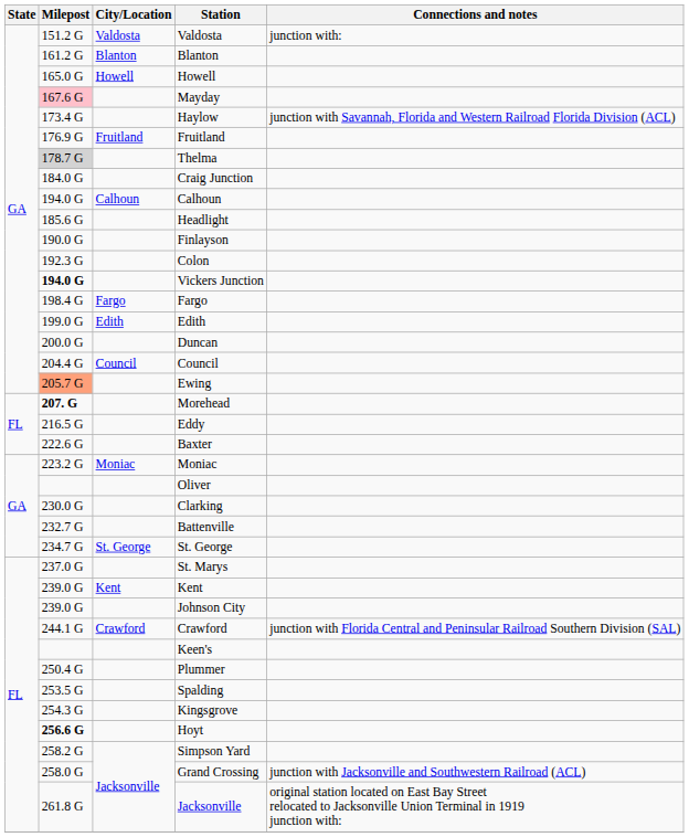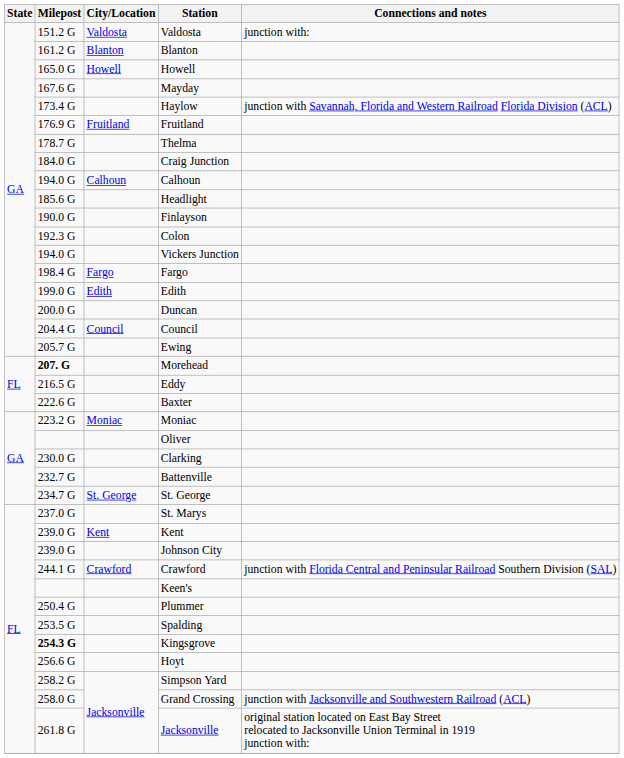 <table class="wikitable">
 <tr>
 <th>State</th>
 <th>Milepost</th>
 <th>City/Location</th>
 <th>Station</th>
 <th>Connections and notes</th>
 </tr>
 <tr>
 <td ! rowspan="18"><a href='#'>GA</a></td>
 <td>151.2 G</td>
 <td><a href='#'>Valdosta</a></td>
 <td>Valdosta</td>
 <td>junction with:<br></td>
 </tr>
 <tr>
 <td>161.2 G</td>
 <td><a href='#'>Blanton</a></td>
 <td>Blanton</td>
 <td></td>
 </tr>
 <tr>
 <td>165.0 G</td>
 <td><a href='#'>Howell</a></td>
 <td>Howell</td>
 <td></td>
 </tr>
 <tr>
-<td style="background: pink;">167.6 G</td>
+<td>167.6 G</td>
 <td></td>
 <td>Mayday</td>
 <td></td>
 </tr>
 <tr>
 <td>173.4 G</td>
 <td></td>
 <td>Haylow</td>
 <td>junction with <a href='#'>Savannah, Florida and Western Railroad</a> <a href='#'>Florida Division</a> (<a href='#'>ACL</a>)</td>
 </tr>
 <tr>
 <td>176.9 G</td>
 <td><a href='#'>Fruitland</a></td>
 <td>Fruitland</td>
 <td></td>
 </tr>
 <tr>
-<td style="background: lightgrey;">178.7 G</td>
+<td>178.7 G</td>
 <td></td>
 <td>Thelma</td>
 <td></td>
 </tr>
 <tr>
 <td>184.0 G</td>
 <td></td>
 <td>Craig Junction</td>
 <td></td>
 </tr>
 <tr>
 <td>194.0 G</td>
 <td><a href='#'>Calhoun</a></td>
 <td>Calhoun</td>
 <td></td>
 </tr>
 <tr>
 <td>185.6 G</td>
 <td></td>
 <td>Headlight</td>
 <td></td>
 </tr>
 <tr>
 <td>190.0 G</td>
 <td></td>
 <td>Finlayson</td>
 <td></td>
 </tr>
 <tr>
 <td>192.3 G</td>
 <td></td>
 <td>Colon</td>
 <td></td>
 </tr>
 <tr>
-<td><strong>194.0 G</strong></td>
+<td>194.0 G</td>
 <td></td>
 <td>Vickers Junction</td>
 <td></td>
 </tr>
 <tr>
 <td>198.4 G</td>
 <td><a href='#'>Fargo</a></td>
 <td>Fargo</td>
 <td></td>
 </tr>
 <tr>
 <td>199.0 G</td>
 <td><a href='#'>Edith</a></td>
 <td>Edith</td>
 <td></td>
 </tr>
 <tr>
 <td>200.0 G</td>
 <td></td>
 <td>Duncan</td>
 <td></td>
 </tr>
 <tr>
 <td>204.4 G</td>
 <td><a href='#'>Council</a></td>
 <td>Council</td>
 <td></td>
 </tr>
 <tr>
-<td style="background: lightsalmon;">205.7 G</td>
+<td>205.7 G</td>
 <td></td>
 <td>Ewing</td>
 <td></td>
 </tr>
 <tr>
 <td ! rowspan="3"><a href='#'>FL</a></td>
 <td><strong>207. G</strong></td>
 <td></td>
 <td>Morehead</td>
 <td></td>
 </tr>
 <tr>
 <td>216.5 G</td>
 <td></td>
 <td>Eddy</td>
 <td></td>
 </tr>
 <tr>
 <td>222.6 G</td>
 <td></td>
 <td>Baxter</td>
 <td></td>
 </tr>
 <tr>
 <td ! rowspan="5"><a href='#'>GA</a></td>
 <td>223.2 G</td>
 <td><a href='#'>Moniac</a></td>
 <td>Moniac</td>
 <td></td>
 </tr>
 <tr>
 <td></td>
 <td></td>
 <td>Oliver</td>
 <td></td>
 </tr>
 <tr>
 <td>230.0 G</td>
 <td></td>
 <td>Clarking</td>
 <td></td>
 </tr>
 <tr>
 <td>232.7 G</td>
 <td></td>
 <td>Battenville</td>
 <td></td>
 </tr>
 <tr>
 <td>234.7 G</td>
 <td><a href='#'>St. George</a></td>
 <td>St. George</td>
 <td></td>
 </tr>
 <tr>
 <td ! rowspan="12"><a href='#'>FL</a></td>
 <td>237.0 G</td>
 <td></td>
 <td>St. Marys</td>
 <td></td>
 </tr>
 <tr>
 <td>239.0 G</td>
 <td><a href='#'>Kent</a></td>
 <td>Kent</td>
 <td></td>
 </tr>
 <tr>
 <td>239.0 G</td>
 <td></td>
 <td>Johnson City</td>
 <td></td>
 </tr>
 <tr>
 <td>244.1 G</td>
 <td><a href='#'>Crawford</a></td>
 <td>Crawford</td>
 <td>junction with <a href='#'>Florida Central and Peninsular Railroad</a> Southern Division (<a href='#'>SAL</a>)</td>
 </tr>
 <tr>
 <td></td>
 <td></td>
 <td>Keen's</td>
 <td></td>
 </tr>
 <tr>
 <td>250.4 G</td>
 <td></td>
 <td>Plummer</td>
 <td></td>
 </tr>
 <tr>
 <td>253.5 G</td>
 <td></td>
 <td>Spalding</td>
 <td></td>
 </tr>
 <tr>
-<td>254.3 G</td>
+<td><strong>254.3 G</strong></td>
 <td></td>
 <td>Kingsgrove</td>
 <td></td>
 </tr>
 <tr>
-<td><strong>256.6 G</strong></td>
+<td>256.6 G</td>
 <td></td>
 <td>Hoyt</td>
 <td></td>
 </tr>
 <tr>
 <td>258.2 G</td>
 <td ! rowspan="3"><a href='#'>Jacksonville</a></td>
 <td>Simpson Yard</td>
 <td></td>
 </tr>
 <tr>
 <td>258.0 G</td>
 <td>Grand Crossing</td>
 <td>junction with <a href='#'>Jacksonville and Southwestern Railroad</a> (<a href='#'>ACL</a>)</td>
 </tr>
 <tr>
 <td>261.8 G</td>
 <td><a href='#'>Jacksonville</a></td>
 <td>original station located on East Bay Street<br>relocated to Jacksonville Union Terminal in 1919<br>junction with:<br></td>
 </tr>
 <tr>
 </tr>
 </table>
